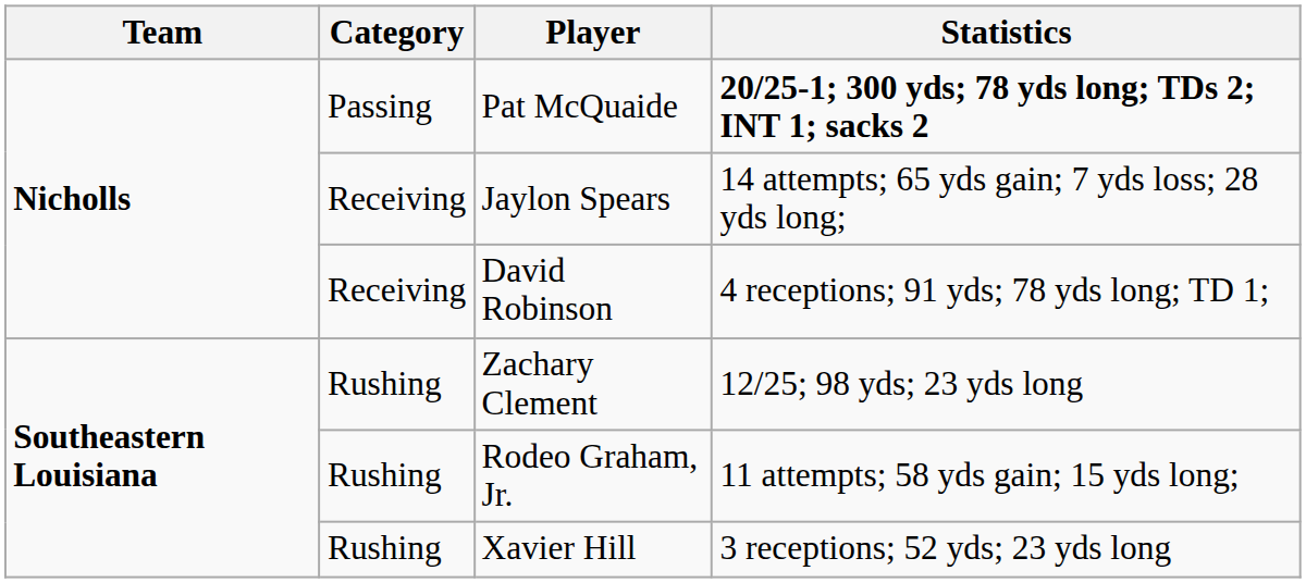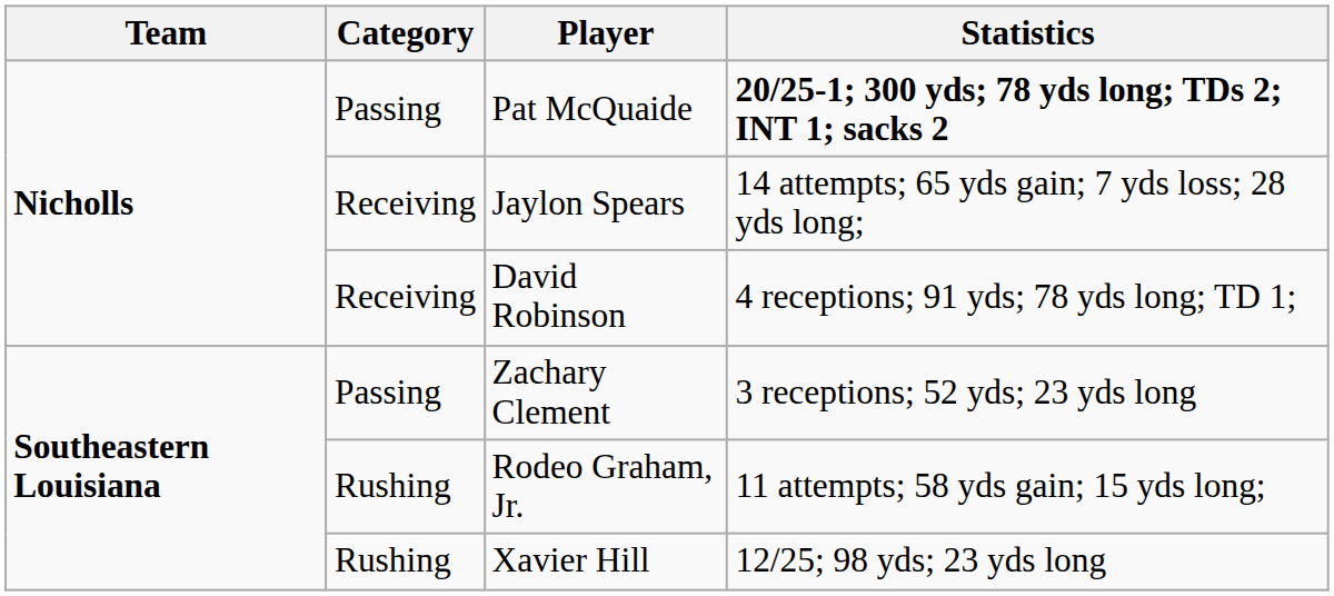 <table class="wikitable" style="float: right;">
 <tr>
 <th>Team</th>
 <th>Category</th>
 <th>Player</th>
 <th>Statistics</th>
 </tr>
 <tr>
 <td rowspan=3><strong>Nicholls</strong></td>
 <td>Passing</td>
 <td>Pat McQuaide</td>
 <td><strong>20/25-1; 300 yds; 78 yds long; TDs 2; INT 1; sacks 2</strong></td>
 </tr>
 <tr>
 <td>Receiving</td>
 <td>Jaylon Spears</td>
 <td>14 attempts; 65 yds gain; 7 yds loss; 28 yds long;</td>
 </tr>
 <tr>
 <td>Receiving</td>
 <td>David Robinson</td>
 <td>4 receptions; 91 yds; 78 yds long; TD 1;</td>
 </tr>
 <tr>
 <td rowspan=3><strong>Southeastern Louisiana</strong></td>
-<td>Rushing</td>
+<td>Passing</td>
 <td>Zachary Clement</td>
-<td>12/25; 98 yds; 23 yds long</td>
+<td>3 receptions; 52 yds; 23 yds long</td>
 </tr>
 <tr>
 <td>Rushing</td>
 <td>Rodeo Graham, Jr.</td>
 <td>11 attempts; 58 yds gain; 15 yds long;</td>
 </tr>
 <tr>
 <td>Rushing</td>
 <td>Xavier Hill</td>
-<td>3 receptions; 52 yds; 23 yds long</td>
+<td>12/25; 98 yds; 23 yds long</td>
 </tr>
 </table>
